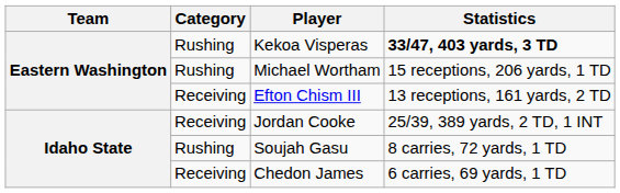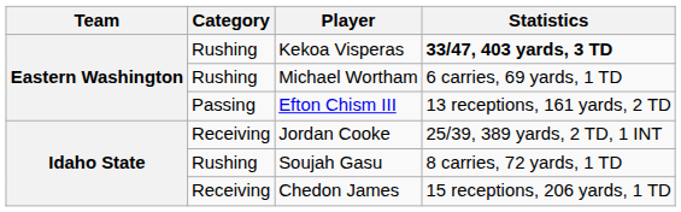 <table class="wikitable" style="float:right">
 <tr>
 <th>Team</th>
 <th>Category</th>
 <th>Player</th>
 <th>Statistics</th>
 </tr>
 <tr>
 <th rowspan=3>Eastern Washington</th>
 <td>Rushing</td>
 <td>Kekoa Visperas</td>
 <td><strong>33/47, 403 yards, 3 TD</strong></td>
 </tr>
 <tr>
 <td>Rushing</td>
 <td>Michael Wortham</td>
-<td>15 receptions, 206 yards, 1 TD</td>
+<td>6 carries, 69 yards, 1 TD</td>
 </tr>
 <tr>
-<td>Receiving</td>
+<td>Passing</td>
 <td><a href='#'>Efton Chism III</a></td>
 <td>13 receptions, 161 yards, 2 TD</td>
 </tr>
 <tr>
 <th rowspan=3>Idaho State</th>
 <td>Receiving</td>
 <td>Jordan Cooke</td>
 <td>25/39, 389 yards, 2 TD, 1 INT</td>
 </tr>
 <tr>
 <td>Rushing</td>
 <td>Soujah Gasu</td>
 <td>8 carries, 72 yards, 1 TD</td>
 </tr>
 <tr>
 <td>Receiving</td>
 <td>Chedon James</td>
-<td>6 carries, 69 yards, 1 TD</td>
+<td>15 receptions, 206 yards, 1 TD</td>
 </tr>
 </table>
